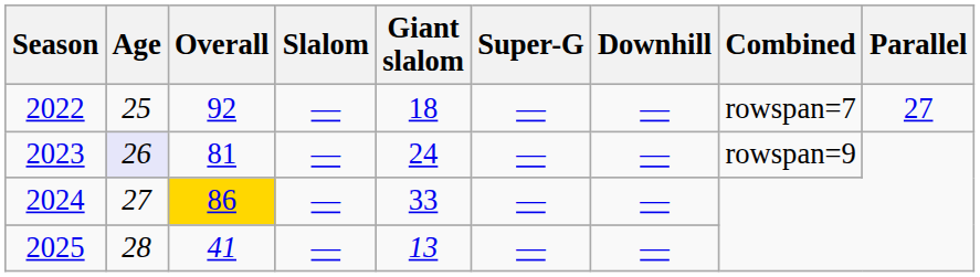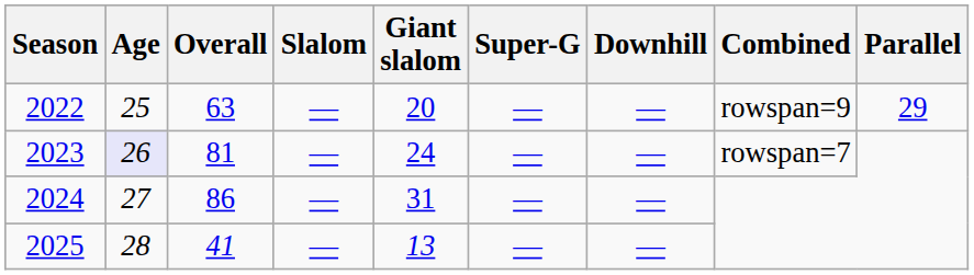 <table class=wikitable style="text-align:center">
 <tr>
 <th>Season</th>
 <th>Age</th>
 <th>Overall</th>
 <th>Slalom</th>
 <th>Giant<br>slalom</th>
 <th>Super-G</th>
 <th>Downhill</th>
 <th>Combined</th>
 <th>Parallel</th>
 </tr>
 <tr>
 <td><a href='#'>2022</a></td>
 <td><em>25</em></td>
-<td><a href='#'>92</a></td>
+<td><a href='#'>63</a></td>
 <td><a href='#'>—</a></td>
-<td><a href='#'>18</a></td>
+<td><a href='#'>20</a></td>
 <td><a href='#'>—</a></td>
 <td><a href='#'>—</a></td>
-<td>rowspan=7 </td>
-<td><a href='#'>27</a></td>
+<td>rowspan=9 </td>
+<td><a href='#'>29</a></td>
 </tr>
 <tr>
 <td><a href='#'>2023</a></td>
 <td style="background: lavender;"><em>26</em></td>
 <td><a href='#'>81</a></td>
 <td><a href='#'>—</a></td>
 <td><a href='#'>24</a></td>
 <td><a href='#'>—</a></td>
 <td><a href='#'>—</a></td>
-<td>rowspan=9 </td>
+<td>rowspan=7 </td>
 </tr>
 <tr>
 <td><a href='#'>2024</a></td>
 <td><em>27</em></td>
-<td style="background: gold;"><a href='#'>86</a></td>
+<td><a href='#'>86</a></td>
 <td><a href='#'>—</a></td>
-<td><a href='#'>33</a></td>
+<td><a href='#'>31</a></td>
 <td><a href='#'>—</a></td>
 <td><a href='#'>—</a></td>
 </tr>
 <tr>
 <td><a href='#'>2025</a></td>
 <td><em>28</em></td>
 <td><a href='#'><em>41</em></a></td>
 <td><a href='#'>—</a></td>
 <td><a href='#'><em>13</em></a></td>
 <td><a href='#'>—</a></td>
 <td><a href='#'>—</a></td>
 </tr>
 </table>
